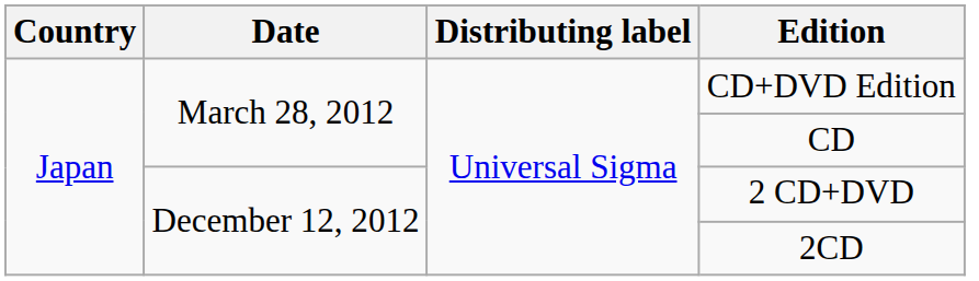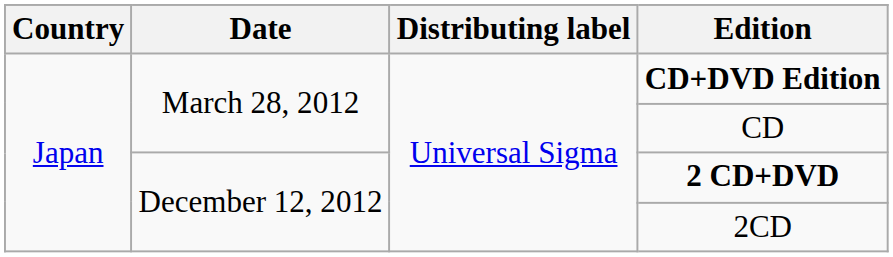 <table class="wikitable">
 <tr>
 <th>Country</th>
 <th>Date</th>
 <th>Distributing label</th>
 <th>Edition</th>
 </tr>
 <tr>
 <td rowspan="4" style="text-align:center;"><a href='#'>Japan</a></td>
 <td rowspan="2" style="text-align:center;">March 28, 2012</td>
 <td rowspan="4" style="text-align:center;"><a href='#'>Universal Sigma</a></td>
-<td style="text-align:center;">CD+DVD Edition</td>
+<td style="text-align:center;"><strong>CD+DVD Edition</strong></td>
 </tr>
 <tr>
 <td style="text-align:center;">CD</td>
 </tr>
 <tr>
 <td rowspan="2" style="text-align:center;">December 12, 2012</td>
-<td style="text-align:center;">2 CD+DVD</td>
+<td style="text-align:center;"><strong>2 CD+DVD</strong></td>
 </tr>
 <tr>
 <td style="text-align:center;">2CD</td>
 </tr>
 </table>
